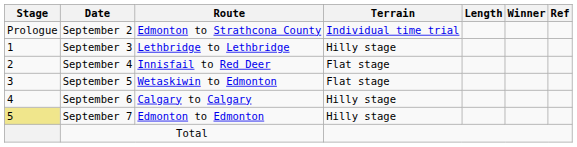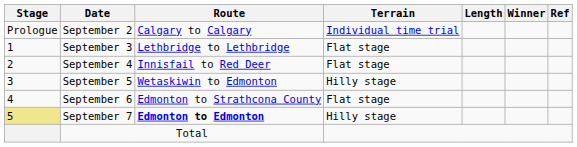 <table class="wikitable">
 <tr>
 <th>Stage</th>
 <th>Date</th>
 <th>Route</th>
 <th>Terrain</th>
 <th>Length</th>
 <th>Winner</th>
 <th>Ref</th>
 </tr>
 <tr>
 <td style="align:center;">Prologue</td>
 <td>September 2</td>
-<td><a href='#'>Edmonton</a> to <a href='#'>Strathcona County</a></td>
+<td><a href='#'>Calgary</a> to <a href='#'>Calgary</a></td>
 <td> <a href='#'>Individual time trial</a></td>
 <td></td>
 <td></td>
 <td></td>
 </tr>
 <tr>
 <td style="align:center;">1</td>
 <td>September 3</td>
 <td><a href='#'>Lethbridge</a> to <a href='#'>Lethbridge</a></td>
-<td> Hilly stage</td>
+<td> Flat stage</td>
 <td></td>
 <td></td>
 <td></td>
 </tr>
 <tr>
 <td style="align:center;">2</td>
 <td>September 4</td>
 <td><a href='#'>Innisfail</a> to <a href='#'>Red Deer</a></td>
 <td> Flat stage</td>
 <td></td>
 <td></td>
 <td></td>
 </tr>
 <tr>
 <td style="align:center;">3</td>
 <td>September 5</td>
 <td><a href='#'>Wetaskiwin</a> to <a href='#'>Edmonton</a></td>
-<td> Flat stage</td>
+<td> Hilly stage</td>
 <td></td>
 <td></td>
 <td></td>
 </tr>
 <tr>
 <td style="align:center;">4</td>
 <td>September 6</td>
-<td><a href='#'>Calgary</a> to <a href='#'>Calgary</a></td>
-<td> Hilly stage</td>
+<td><a href='#'>Edmonton</a> to <a href='#'>Strathcona County</a></td>
+<td> Flat stage</td>
 <td></td>
 <td></td>
 <td></td>
 </tr>
 <tr>
 <td style="background: khaki; align:center;">5</td>
 <td>September 7</td>
-<td><a href='#'>Edmonton</a> to <a href='#'>Edmonton</a></td>
+<td><strong><a href='#'>Edmonton</a> to <a href='#'>Edmonton</a></strong></td>
 <td> Hilly stage</td>
 <td></td>
 <td></td>
 <td></td>
 </tr>
 <tr>
 <th></th>
 <td colspan="2" style="text-align:center;">Total</td>
 <td colspan="5" style="text-align:center;"></td>
 </tr>
 </table>
